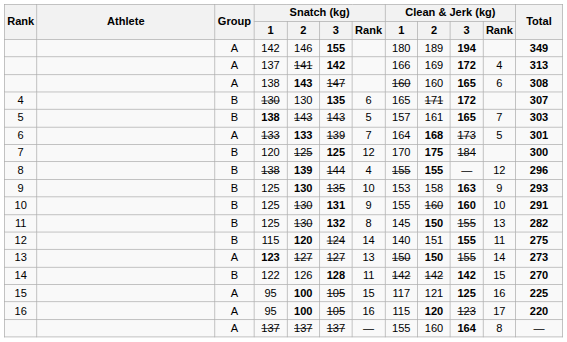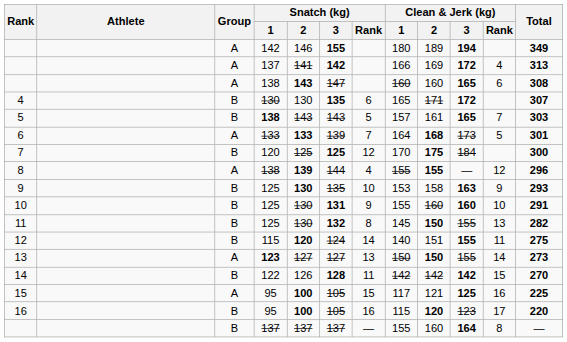 <table class = "wikitable" style="text-align:center;">
 <tr>
 <th rowspan=2 width=40>Rank</th>
 <th rowspan=2 width=250>Athlete</th>
 <th rowspan=2 width=50>Group</th>
 <th colspan=4>Snatch (kg)</th>
 <th colspan=4>Clean & Jerk (kg)</th>
 <th rowspan=2 width=60>Total</th>
 </tr>
 <tr>
 <th width=40>1</th>
 <th width=40>2</th>
 <th width=40>3</th>
 <th width=40>Rank</th>
 <th width=40>1</th>
 <th width=40>2</th>
 <th width=40>3</th>
 <th width=40>Rank</th>
 </tr>
 <tr>
 <td></td>
 <td align=left></td>
 <td>A</td>
 <td>142</td>
 <td>146</td>
 <td><strong>155</strong></td>
 <td></td>
 <td>180</td>
 <td>189</td>
 <td><strong>194</strong></td>
 <td></td>
 <td><strong>349</strong></td>
 </tr>
 <tr>
 <td></td>
 <td align=left></td>
 <td>A</td>
 <td>137</td>
 <td><s>141</s></td>
 <td><strong>142</strong></td>
 <td></td>
 <td>166</td>
 <td>169</td>
 <td><strong>172</strong></td>
 <td>4</td>
 <td><strong>313</strong></td>
 </tr>
 <tr>
 <td></td>
 <td align=left></td>
 <td>A</td>
 <td>138</td>
 <td><strong>143</strong></td>
 <td><s>147</s></td>
 <td></td>
 <td><s>160</s></td>
 <td>160</td>
 <td><strong>165</strong></td>
 <td>6</td>
 <td><strong>308</strong></td>
 </tr>
 <tr>
 <td>4</td>
 <td align=left></td>
 <td>B</td>
 <td><s>130</s></td>
 <td>130</td>
 <td><strong>135</strong></td>
 <td>6</td>
 <td>165</td>
 <td><s>171</s></td>
 <td><strong>172</strong></td>
 <td></td>
 <td><strong>307</strong></td>
 </tr>
 <tr>
 <td>5</td>
 <td align=left></td>
 <td>B</td>
 <td><strong>138</strong></td>
 <td><s>143</s></td>
 <td><s>143</s></td>
 <td>5</td>
 <td>157</td>
 <td>161</td>
 <td><strong>165</strong></td>
 <td>7</td>
 <td><strong>303</strong></td>
 </tr>
 <tr>
 <td>6</td>
 <td align=left></td>
 <td>A</td>
 <td><s>133</s></td>
 <td><strong>133</strong></td>
 <td><s>139</s></td>
 <td>7</td>
 <td>164</td>
 <td><strong>168</strong></td>
 <td><s>173</s></td>
 <td>5</td>
 <td><strong>301</strong></td>
 </tr>
 <tr>
 <td>7</td>
 <td align=left></td>
 <td>B</td>
 <td>120</td>
 <td><s>125</s></td>
 <td><strong>125</strong></td>
 <td>12</td>
 <td>170</td>
 <td><strong>175</strong></td>
 <td><s>184</s></td>
 <td></td>
 <td><strong>300</strong></td>
 </tr>
 <tr>
 <td>8</td>
 <td align=left></td>
-<td>B</td>
+<td>A</td>
 <td><s>138</s></td>
 <td><strong>139</strong></td>
 <td><s>144</s></td>
 <td>4</td>
 <td><s>155</s></td>
 <td><strong>155</strong></td>
 <td>—</td>
 <td>12</td>
 <td><strong>296</strong></td>
 </tr>
 <tr>
 <td>9</td>
 <td align=left></td>
 <td>B</td>
 <td>125</td>
 <td><strong>130</strong></td>
 <td><s>135</s></td>
 <td>10</td>
 <td>153</td>
 <td>158</td>
 <td><strong>163</strong></td>
 <td>9</td>
 <td><strong>293</strong></td>
 </tr>
 <tr>
 <td>10</td>
 <td align=left></td>
 <td>B</td>
 <td>125</td>
 <td><s>130</s></td>
 <td><strong>131</strong></td>
 <td>9</td>
 <td>155</td>
 <td><s>160</s></td>
 <td><strong>160</strong></td>
 <td>10</td>
 <td><strong>291</strong></td>
 </tr>
 <tr>
 <td>11</td>
 <td align=left></td>
 <td>B</td>
 <td>125</td>
 <td><s>130</s></td>
 <td><strong>132</strong></td>
 <td>8</td>
 <td>145</td>
 <td><strong>150</strong></td>
 <td><s>155</s></td>
 <td>13</td>
 <td><strong>282</strong></td>
 </tr>
 <tr>
 <td>12</td>
 <td align=left></td>
 <td>B</td>
 <td>115</td>
 <td><strong>120</strong></td>
 <td><s>124</s></td>
 <td>14</td>
 <td>140</td>
 <td>151</td>
 <td><strong>155</strong></td>
 <td>11</td>
 <td><strong>275</strong></td>
 </tr>
 <tr>
 <td>13</td>
 <td align=left></td>
 <td>A</td>
 <td><strong>123</strong></td>
 <td><s>127</s></td>
 <td><s>127</s></td>
 <td>13</td>
 <td><s>150</s></td>
 <td><strong>150</strong></td>
 <td><s>155</s></td>
 <td>14</td>
 <td><strong>273</strong></td>
 </tr>
 <tr>
 <td>14</td>
 <td align=left></td>
 <td>B</td>
 <td>122</td>
 <td>126</td>
 <td><strong>128</strong></td>
 <td>11</td>
 <td><s>142</s></td>
 <td><s>142</s></td>
 <td><strong>142</strong></td>
 <td>15</td>
 <td><strong>270</strong></td>
 </tr>
 <tr>
 <td>15</td>
 <td align=left></td>
 <td>A</td>
 <td>95</td>
 <td><strong>100</strong></td>
 <td><s>105</s></td>
 <td>15</td>
 <td>117</td>
 <td>121</td>
 <td><strong>125</strong></td>
 <td>16</td>
 <td><strong>225</strong></td>
 </tr>
 <tr>
 <td>16</td>
 <td align=left></td>
-<td>A</td>
+<td>B</td>
 <td>95</td>
 <td><strong>100</strong></td>
 <td><s>105</s></td>
 <td>16</td>
 <td>115</td>
 <td><strong>120</strong></td>
 <td><s>123</s></td>
 <td>17</td>
 <td><strong>220</strong></td>
 </tr>
 <tr>
 <td></td>
 <td align=left></td>
-<td>A</td>
+<td>B</td>
 <td><s>137</s></td>
 <td><s>137</s></td>
 <td><s>137</s></td>
 <td>—</td>
 <td>155</td>
 <td>160</td>
 <td><strong>164</strong></td>
 <td>8</td>
 <td>—</td>
 </tr>
 </table>
